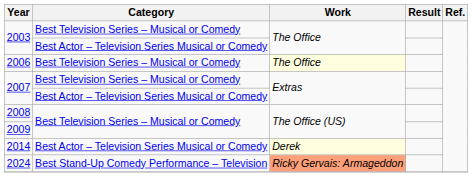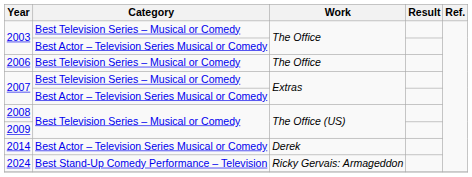 <table class="wikitable">
 <tr>
 <th>Year</th>
 <th>Category</th>
 <th>Work</th>
 <th>Result</th>
 <th>Ref.</th>
 </tr>
 <tr>
 <td rowspan=2><a href='#'>2003</a></td>
 <td><a href='#'>Best Television Series – Musical or Comedy</a></td>
 <td rowspan=2><em>The Office</em></td>
 <td></td>
 <td rowspan=9></td>
 </tr>
 <tr>
 <td><a href='#'>Best Actor – Television Series Musical or Comedy</a></td>
 <td></td>
 </tr>
 <tr>
 <td><a href='#'>2006</a></td>
 <td><a href='#'>Best Television Series – Musical or Comedy</a></td>
-<td style="background: lightyellow;"><em>The Office</em></td>
+<td><em>The Office</em></td>
 <td></td>
 </tr>
 <tr>
 <td rowspan=2><a href='#'>2007</a></td>
 <td><a href='#'>Best Television Series – Musical or Comedy</a></td>
 <td rowspan=2><em>Extras</em></td>
 <td></td>
 </tr>
 <tr>
 <td><a href='#'>Best Actor – Television Series Musical or Comedy</a></td>
 <td></td>
 </tr>
 <tr>
 <td><a href='#'>2008</a></td>
 <td rowspan=2><a href='#'>Best Television Series – Musical or Comedy</a></td>
 <td rowspan=2><em>The Office (US)</em></td>
 <td></td>
 </tr>
 <tr>
 <td><a href='#'>2009</a></td>
 <td></td>
 </tr>
 <tr>
 <td><a href='#'>2014</a></td>
 <td><a href='#'>Best Actor – Television Series Musical or Comedy</a></td>
-<td style="background: lightyellow;"><em>Derek</em></td>
+<td><em>Derek</em></td>
 <td></td>
 </tr>
 <tr>
 <td><a href='#'>2024</a></td>
 <td><a href='#'>Best Stand-Up Comedy Performance – Television</a></td>
-<td style="background: lightsalmon;"><em>Ricky Gervais: Armageddon</em></td>
+<td><em>Ricky Gervais: Armageddon</em></td>
 <td></td>
 </tr>
 <tr>
 </tr>
 </table>
